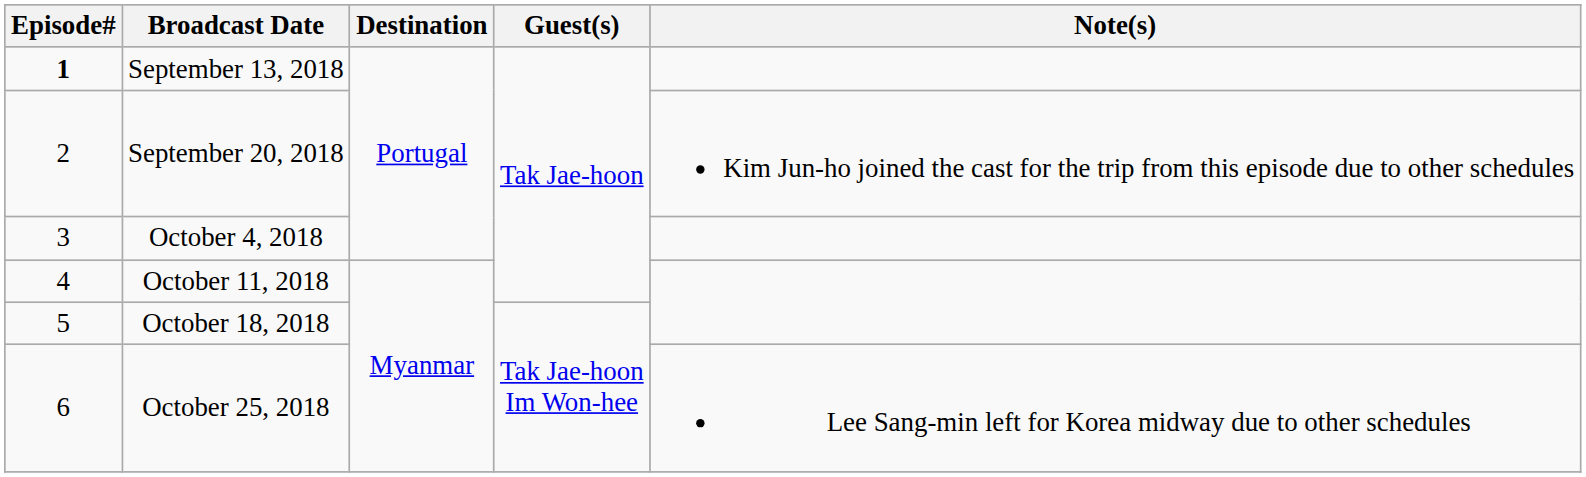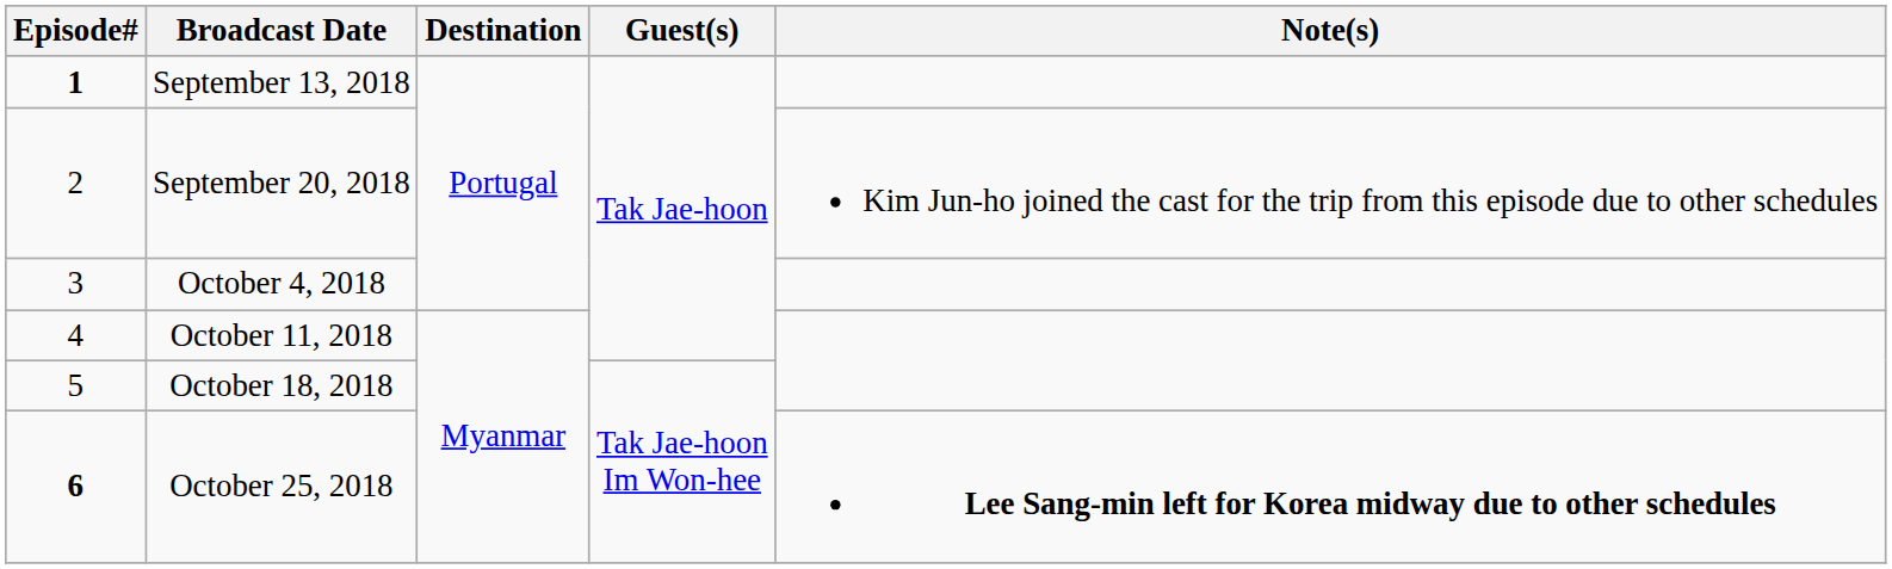 <table class=wikitable style=text-align:center>
 <tr>
 <th><strong>Episode#</strong></th>
 <th><strong>Broadcast Date</strong></th>
 <th>Destination</th>
 <th>Guest(s)</th>
 <th>Note(s)</th>
 </tr>
 <tr>
 <td><strong>1</strong></td>
 <td>September 13, 2018</td>
 <td rowspan="3"><a href='#'>Portugal</a></td>
 <td rowspan="4"><a href='#'>Tak Jae-hoon</a></td>
 <td></td>
 </tr>
 <tr>
 <td>2</td>
 <td>September 20, 2018</td>
 <td><br><ul><li>Kim Jun-ho joined the cast for the trip from this episode due to other schedules</li></ul></td>
 </tr>
 <tr>
 <td>3</td>
 <td>October 4, 2018</td>
 <td></td>
 </tr>
 <tr>
 <td>4</td>
 <td>October 11, 2018</td>
 <td rowspan="3"><a href='#'>Myanmar</a></td>
 <td rowspan="2"></td>
 </tr>
 <tr>
 <td>5</td>
 <td>October 18, 2018</td>
 <td rowspan="2"><a href='#'>Tak Jae-hoon</a><br><a href='#'>Im Won-hee</a></td>
 </tr>
 <tr>
-<td>6</td>
+<td><strong>6</strong></td>
 <td>October 25, 2018</td>
-<td><br><ul><li>Lee Sang-min left for Korea midway due to other schedules</li></ul></td>
+<td><strong><br><ul><li>Lee Sang-min left for Korea midway due to other schedules</li></ul></strong></td>
 </tr>
 </table>
